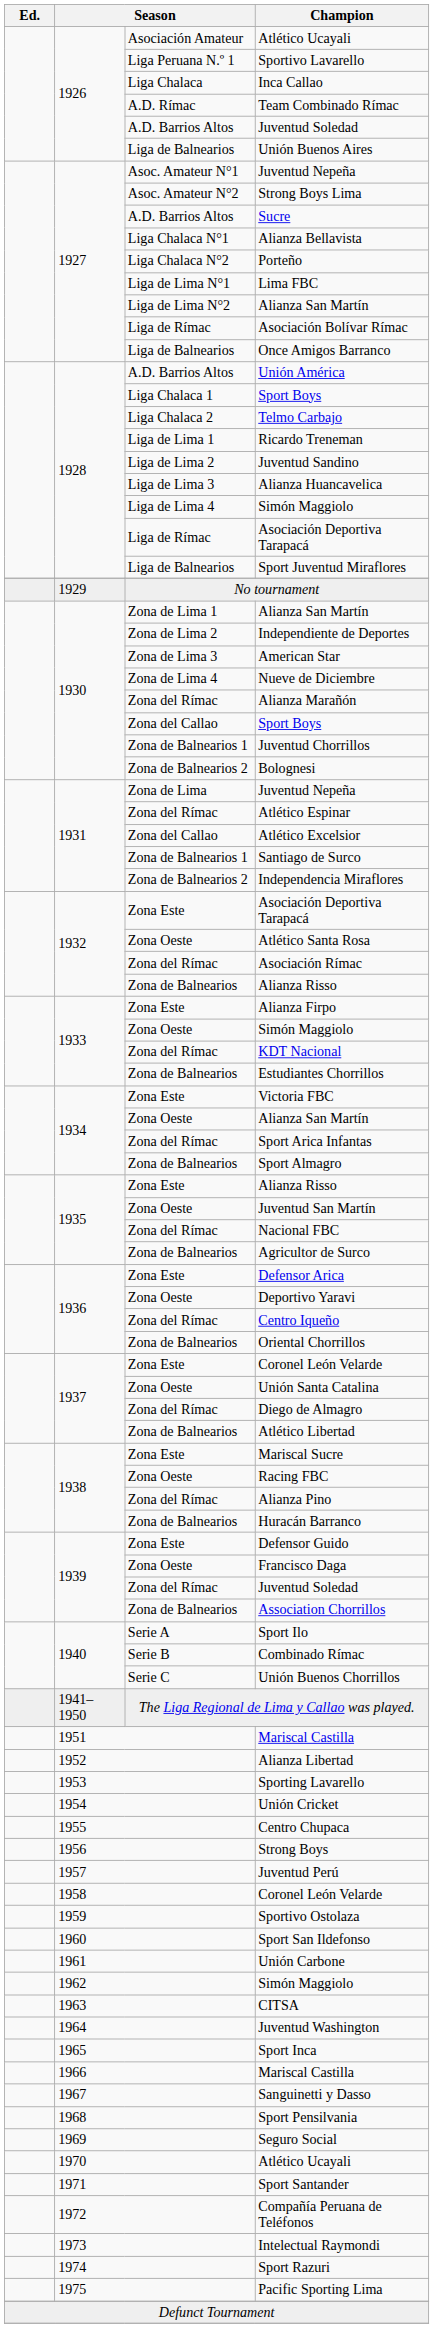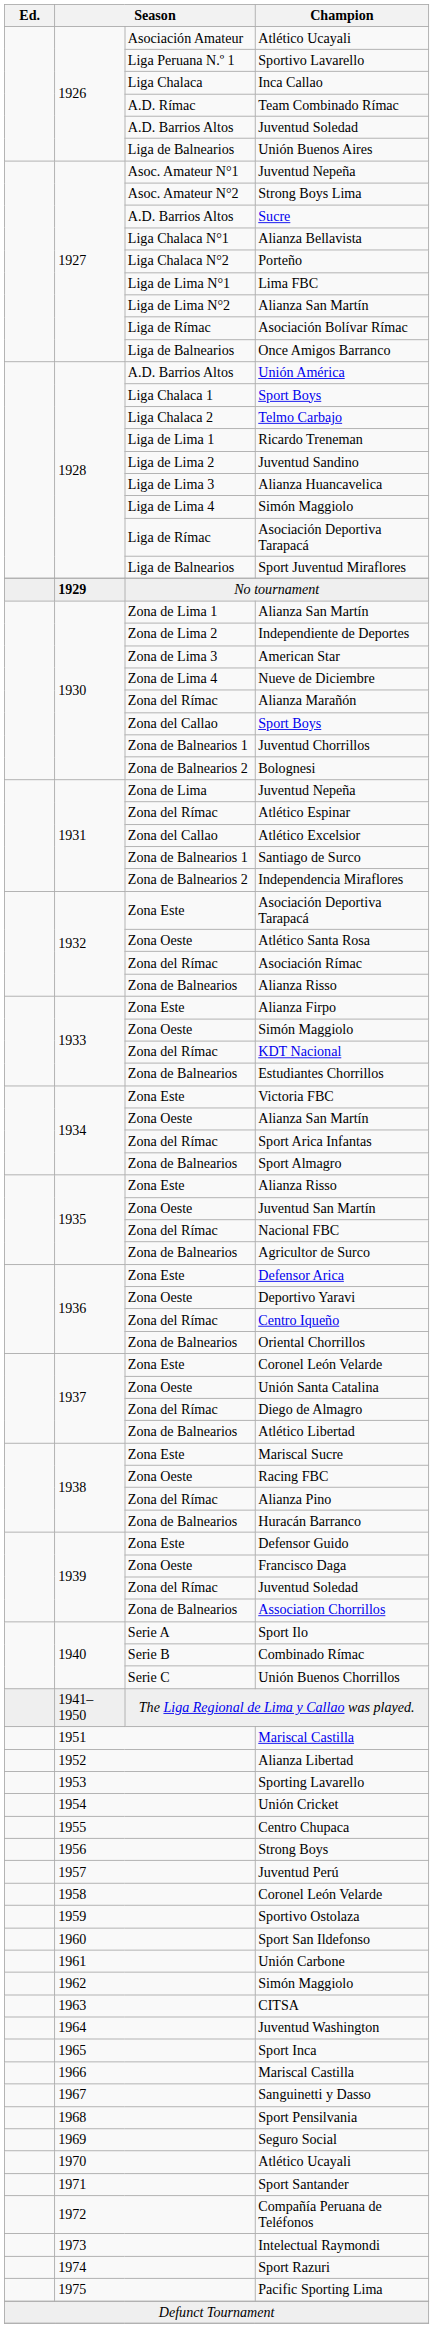 <table class="wikitable sortable">
 <tr>
 <th width=px>Ed.</th>
 <th width="220" colspan="2">Season</th>
 <th width="190">Champion</th>
 </tr>
 <tr>
 <td rowspan=6 width=50></td>
 <td rowspan=6 width=50>1926</td>
 <td width=100>Asociación Amateur</td>
 <td>Atlético Ucayali</td>
 </tr>
 <tr>
 <td>Liga Peruana N.º 1</td>
 <td>Sportivo Lavarello</td>
 </tr>
 <tr>
 <td>Liga Chalaca</td>
 <td>Inca Callao</td>
 </tr>
 <tr>
 <td>A.D. Rímac</td>
 <td>Team Combinado Rímac</td>
 </tr>
 <tr>
 <td>A.D. Barrios Altos</td>
 <td>Juventud Soledad</td>
 </tr>
 <tr>
 <td>Liga de Balnearios</td>
 <td>Unión Buenos Aires</td>
 </tr>
 <tr>
 <td rowspan=9 width=50></td>
 <td rowspan=9 width=50>1927</td>
 <td width=100>Asoc. Amateur N°1</td>
 <td>Juventud Nepeña</td>
 </tr>
 <tr>
 <td>Asoc. Amateur N°2</td>
 <td>Strong Boys Lima</td>
 </tr>
 <tr>
 <td>A.D. Barrios Altos</td>
 <td><a href='#'>Sucre</a></td>
 </tr>
 <tr>
 <td>Liga Chalaca N°1</td>
 <td>Alianza Bellavista</td>
 </tr>
 <tr>
 <td>Liga Chalaca N°2</td>
 <td>Porteño</td>
 </tr>
 <tr>
 <td>Liga de Lima N°1</td>
 <td>Lima FBC</td>
 </tr>
 <tr>
 <td>Liga de Lima N°2</td>
 <td>Alianza San Martín</td>
 </tr>
 <tr>
 <td>Liga de Rímac</td>
 <td>Asociación Bolívar Rímac</td>
 </tr>
 <tr>
 <td>Liga de Balnearios</td>
 <td>Once Amigos Barranco</td>
 </tr>
 <tr>
 <td rowspan=9 width=50></td>
 <td rowspan=9 width=50>1928</td>
 <td width=100>A.D. Barrios Altos</td>
 <td><a href='#'>Unión América</a></td>
 </tr>
 <tr>
 <td>Liga Chalaca 1</td>
 <td><a href='#'>Sport Boys</a></td>
 </tr>
 <tr>
 <td>Liga Chalaca 2</td>
 <td><a href='#'>Telmo Carbajo</a></td>
 </tr>
 <tr>
 <td>Liga de Lima 1</td>
 <td>Ricardo Treneman</td>
 </tr>
 <tr>
 <td>Liga de Lima 2</td>
 <td>Juventud Sandino</td>
 </tr>
 <tr>
 <td>Liga de Lima 3</td>
 <td>Alianza Huancavelica</td>
 </tr>
 <tr>
 <td>Liga de Lima 4</td>
 <td>Simón Maggiolo</td>
 </tr>
 <tr>
 <td>Liga de Rímac</td>
 <td>Asociación Deportiva Tarapacá</td>
 </tr>
 <tr>
 <td>Liga de Balnearios</td>
 <td>Sport Juventud Miraflores</td>
 </tr>
 <tr>
 </tr>
 <tr bgcolor=#efefef>
 <td></td>
-<td>1929</td>
+<td><strong>1929</strong></td>
 <td colspan=2 align=center><em>No tournament</em></td>
 </tr>
 <tr>
 <td rowspan=8 width=50></td>
 <td rowspan=8 width=50>1930</td>
 <td width=100>Zona de Lima 1</td>
 <td>Alianza San Martín</td>
 </tr>
 <tr>
 <td>Zona de Lima 2</td>
 <td>Independiente de Deportes</td>
 </tr>
 <tr>
 <td>Zona de Lima 3</td>
 <td>American Star</td>
 </tr>
 <tr>
 <td>Zona de Lima 4</td>
 <td>Nueve de Diciembre</td>
 </tr>
 <tr>
 <td>Zona del Rímac</td>
 <td>Alianza Marañón</td>
 </tr>
 <tr>
 <td>Zona del Callao</td>
 <td><a href='#'>Sport Boys</a></td>
 </tr>
 <tr>
 <td>Zona de Balnearios 1</td>
 <td>Juventud Chorrillos</td>
 </tr>
 <tr>
 <td>Zona de Balnearios 2</td>
 <td>Bolognesi</td>
 </tr>
 <tr>
 <td rowspan=5 width=50></td>
 <td rowspan=5 width=50>1931</td>
 <td width=100>Zona de Lima</td>
 <td>Juventud Nepeña</td>
 </tr>
 <tr>
 <td>Zona del Rímac</td>
 <td>Atlético Espinar</td>
 </tr>
 <tr>
 <td>Zona del Callao</td>
 <td>Atlético Excelsior</td>
 </tr>
 <tr>
 <td>Zona de Balnearios 1</td>
 <td>Santiago de Surco</td>
 </tr>
 <tr>
 <td>Zona de Balnearios 2</td>
 <td>Independencia Miraflores</td>
 </tr>
 <tr>
 <td rowspan=4 width=50></td>
 <td rowspan=4 width=50>1932</td>
 <td width=100>Zona Este</td>
 <td>Asociación Deportiva Tarapacá</td>
 </tr>
 <tr>
 <td>Zona Oeste</td>
 <td>Atlético Santa Rosa</td>
 </tr>
 <tr>
 <td>Zona del Rímac</td>
 <td>Asociación Rímac</td>
 </tr>
 <tr>
 <td>Zona de Balnearios</td>
 <td>Alianza Risso</td>
 </tr>
 <tr>
 <td rowspan=4 width=50></td>
 <td rowspan=4 width=50>1933</td>
 <td width=100>Zona Este</td>
 <td>Alianza Firpo</td>
 </tr>
 <tr>
 <td>Zona Oeste</td>
 <td>Simón Maggiolo</td>
 </tr>
 <tr>
 <td>Zona del Rímac</td>
 <td><a href='#'>KDT Nacional</a></td>
 </tr>
 <tr>
 <td>Zona de Balnearios</td>
 <td>Estudiantes Chorrillos</td>
 </tr>
 <tr>
 <td rowspan=4 width=50></td>
 <td rowspan=4 width=50>1934</td>
 <td width=100>Zona Este</td>
 <td>Victoria FBC</td>
 </tr>
 <tr>
 <td>Zona Oeste</td>
 <td>Alianza San Martín</td>
 </tr>
 <tr>
 <td>Zona del Rímac</td>
 <td>Sport Arica Infantas</td>
 </tr>
 <tr>
 <td>Zona de Balnearios</td>
 <td>Sport Almagro</td>
 </tr>
 <tr>
 <td rowspan=4 width=50></td>
 <td rowspan=4 width=50>1935</td>
 <td width=100>Zona Este</td>
 <td>Alianza Risso</td>
 </tr>
 <tr>
 <td>Zona Oeste</td>
 <td>Juventud San Martín</td>
 </tr>
 <tr>
 <td>Zona del Rímac</td>
 <td>Nacional FBC</td>
 </tr>
 <tr>
 <td>Zona de Balnearios</td>
 <td>Agricultor de Surco</td>
 </tr>
 <tr>
 <td rowspan=4 width=50></td>
 <td rowspan=4 width=50>1936</td>
 <td width=100>Zona Este</td>
 <td><a href='#'>Defensor Arica</a></td>
 </tr>
 <tr>
 <td>Zona Oeste</td>
 <td>Deportivo Yaravi</td>
 </tr>
 <tr>
 <td>Zona del Rímac</td>
 <td><a href='#'>Centro Iqueño</a></td>
 </tr>
 <tr>
 <td>Zona de Balnearios</td>
 <td>Oriental Chorrillos</td>
 </tr>
 <tr>
 <td rowspan=4 width=50></td>
 <td rowspan=4 width=50>1937</td>
 <td width=100>Zona Este</td>
 <td>Coronel León Velarde</td>
 </tr>
 <tr>
 <td>Zona Oeste</td>
 <td>Unión Santa Catalina</td>
 </tr>
 <tr>
 <td>Zona del Rímac</td>
 <td>Diego de Almagro</td>
 </tr>
 <tr>
 <td>Zona de Balnearios</td>
 <td>Atlético Libertad</td>
 </tr>
 <tr>
 <td rowspan=4 width=50></td>
 <td rowspan=4 width=50>1938</td>
 <td width=100>Zona Este</td>
 <td>Mariscal Sucre</td>
 </tr>
 <tr>
 <td>Zona Oeste</td>
 <td>Racing FBC</td>
 </tr>
 <tr>
 <td>Zona del Rímac</td>
 <td>Alianza Pino</td>
 </tr>
 <tr>
 <td>Zona de Balnearios</td>
 <td>Huracán Barranco</td>
 </tr>
 <tr>
 <td rowspan=4 width=50></td>
 <td rowspan=4 width=50>1939</td>
 <td width=100>Zona Este</td>
 <td>Defensor Guido</td>
 </tr>
 <tr>
 <td>Zona Oeste</td>
 <td>Francisco Daga</td>
 </tr>
 <tr>
 <td>Zona del Rímac</td>
 <td>Juventud Soledad</td>
 </tr>
 <tr>
 <td>Zona de Balnearios</td>
 <td><a href='#'>Association Chorrillos</a></td>
 </tr>
 <tr>
 <td rowspan=3 width=50></td>
 <td rowspan=3 width=50>1940</td>
 <td width=100>Serie A</td>
 <td>Sport Ilo</td>
 </tr>
 <tr>
 <td>Serie B</td>
 <td>Combinado Rímac</td>
 </tr>
 <tr>
 <td>Serie C</td>
 <td>Unión Buenos Chorrillos</td>
 </tr>
 <tr bgcolor=#efefef>
 <td></td>
 <td>1941–1950</td>
 <td colspan=2 align=center><em>The <a href='#'>Liga Regional de Lima y Callao</a> was played.</em></td>
 </tr>
 <tr>
 <td width=50></td>
 <td colspan=2 width=50>1951</td>
 <td><a href='#'>Mariscal Castilla</a></td>
 </tr>
 <tr>
 <td width=50></td>
 <td colspan=2 width=50>1952</td>
 <td>Alianza Libertad</td>
 </tr>
 <tr>
 <td width=50></td>
 <td colspan=2 width=50>1953</td>
 <td>Sporting Lavarello</td>
 </tr>
 <tr>
 <td width=50></td>
 <td colspan=2 width=50>1954</td>
 <td>Unión Cricket</td>
 </tr>
 <tr>
 <td width=50></td>
 <td colspan=2 width=50>1955</td>
 <td>Centro Chupaca</td>
 </tr>
 <tr>
 <td width=50></td>
 <td colspan=2 width=50>1956</td>
 <td>Strong Boys</td>
 </tr>
 <tr>
 <td width=50></td>
 <td colspan=2 width=50>1957</td>
 <td>Juventud Perú</td>
 </tr>
 <tr>
 <td width=50></td>
 <td colspan=2 width=50>1958</td>
 <td>Coronel León Velarde</td>
 </tr>
 <tr>
 <td width=50></td>
 <td colspan=2 width=50>1959</td>
 <td>Sportivo Ostolaza</td>
 </tr>
 <tr>
 <td width=50></td>
 <td colspan=2 width=50>1960</td>
 <td>Sport San Ildefonso</td>
 </tr>
 <tr>
 <td width=50></td>
 <td colspan=2 width=50>1961</td>
 <td>Unión Carbone</td>
 </tr>
 <tr>
 <td width=50></td>
 <td colspan=2 width=50>1962</td>
 <td>Simón Maggiolo</td>
 </tr>
 <tr>
 <td width=50></td>
 <td colspan=2 width=50>1963</td>
 <td>CITSA</td>
 </tr>
 <tr>
 <td width=50></td>
 <td colspan=2 width=50>1964</td>
 <td>Juventud Washington</td>
 </tr>
 <tr>
 <td width=50></td>
 <td colspan=2 width=50>1965</td>
 <td>Sport Inca</td>
 </tr>
 <tr>
 <td width=50></td>
 <td colspan=2 width=50>1966</td>
 <td>Mariscal Castilla</td>
 </tr>
 <tr>
 <td width=50></td>
 <td colspan=2 width=50>1967</td>
 <td>Sanguinetti y Dasso</td>
 </tr>
 <tr>
 <td width=50></td>
 <td colspan=2 width=50>1968</td>
 <td>Sport Pensilvania</td>
 </tr>
 <tr>
 <td width=50></td>
 <td colspan=2 width=50>1969</td>
 <td>Seguro Social</td>
 </tr>
 <tr>
 <td width=50></td>
 <td colspan=2 width=50>1970</td>
 <td>Atlético Ucayali</td>
 </tr>
 <tr>
 <td width=50></td>
 <td colspan=2 width=50>1971</td>
 <td>Sport Santander</td>
 </tr>
 <tr>
 <td width=50></td>
 <td colspan=2 width=50>1972</td>
 <td>Compañía Peruana de Teléfonos</td>
 </tr>
 <tr>
 <td width=50></td>
 <td colspan=2 width=50>1973</td>
 <td>Intelectual Raymondi</td>
 </tr>
 <tr>
 <td width=50></td>
 <td colspan=2 width=50>1974</td>
 <td>Sport Razuri</td>
 </tr>
 <tr>
 <td width=50></td>
 <td colspan=2 width=50>1975</td>
 <td>Pacific Sporting Lima</td>
 </tr>
 <tr>
 </tr>
 <tr bgcolor=#efefef>
 <td colspan="4" style="text-align:center;"><em>Defunct Tournament</em></td>
 </tr>
 <tr>
 </tr>
 </table>
